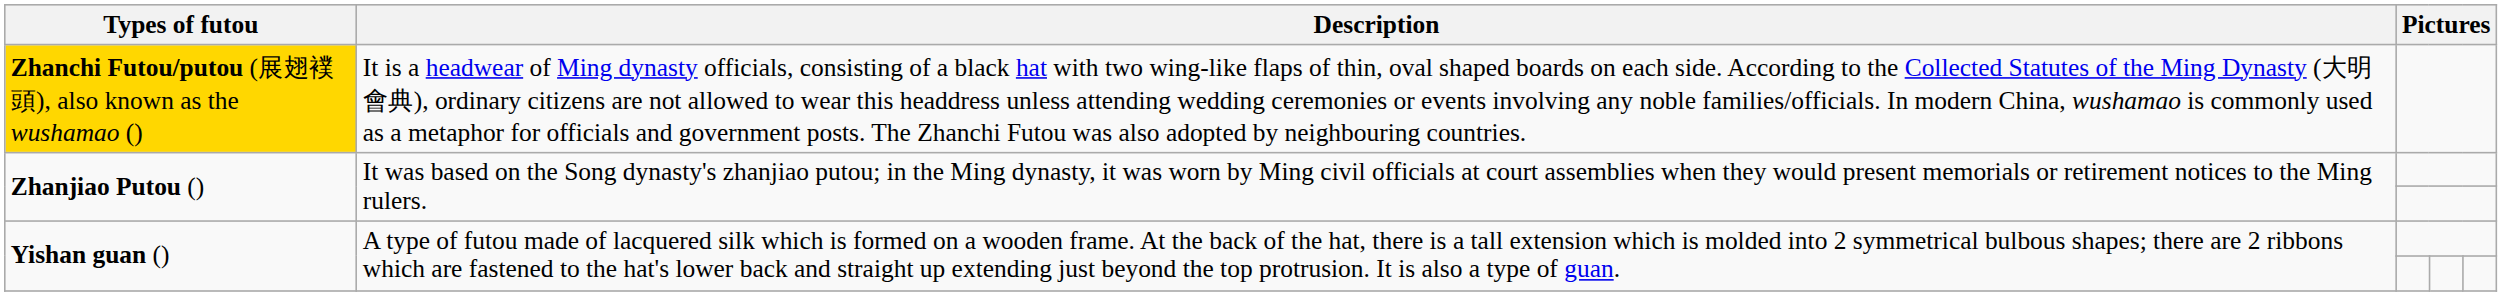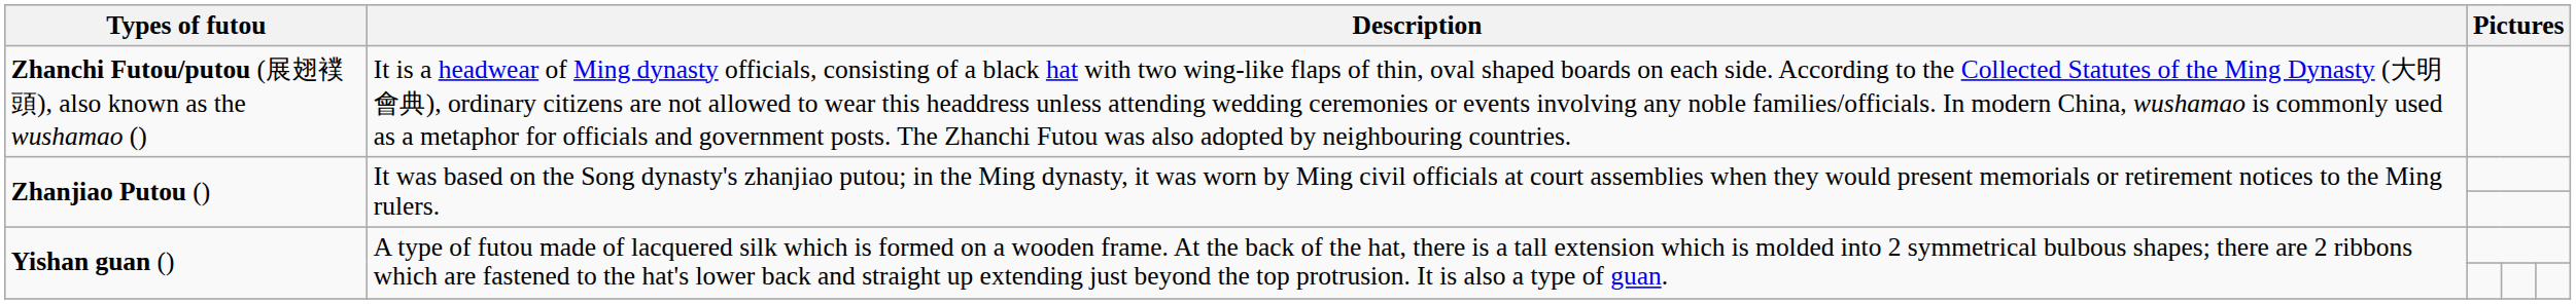 <table class="wikitable">
 <tr>
 <th>Types of futou</th>
 <th>Description</th>
 <th colspan="3">Pictures</th>
 </tr>
 <tr>
-<td style="background: gold;"><strong>Zhanchi Futou/putou</strong> (展翅襆頭), also known as the <em>wushamao</em> ()</td>
+<td><strong>Zhanchi Futou/putou</strong> (展翅襆頭), also known as the <em>wushamao</em> ()</td>
 <td>It is a <a href='#'>headwear</a> of <a href='#'>Ming dynasty</a> officials, consisting of a black <a href='#'>hat</a> with two wing-like flaps of thin, oval shaped boards on each side. According to the <a href='#'>Collected Statutes of the Ming Dynasty</a> (大明會典), ordinary citizens are not allowed to wear this headdress unless attending wedding ceremonies or events involving any noble families/officials. In modern China, <em>wushamao</em> is commonly used as a metaphor for officials and government posts. The Zhanchi Futou was also adopted by neighbouring countries.</td>
 <td colspan="3"></td>
 </tr>
 <tr>
 <td rowspan="2"><strong>Zhanjiao Putou</strong> ()</td>
 <td rowspan="2">It was based on the Song dynasty's zhanjiao putou; in the Ming dynasty, it was worn by Ming civil officials at court assemblies when they would present memorials or retirement notices to the Ming rulers.</td>
 <td colspan="3"></td>
 </tr>
 <tr>
 <td colspan="3"></td>
 </tr>
 <tr>
 <td rowspan="2"><strong>Yishan guan</strong> ()</td>
 <td rowspan="2">A type of futou made of lacquered silk which is formed on a wooden frame. At the back of the hat, there is a tall extension which is molded into 2 symmetrical bulbous shapes; there are 2 ribbons which are fastened to the hat's lower back and straight up extending just beyond the top protrusion. It is also a type of <a href='#'>guan</a>.</td>
 <td colspan="3"></td>
 </tr>
 <tr>
 <td></td>
 <td></td>
 <td></td>
 </tr>
 </table>
